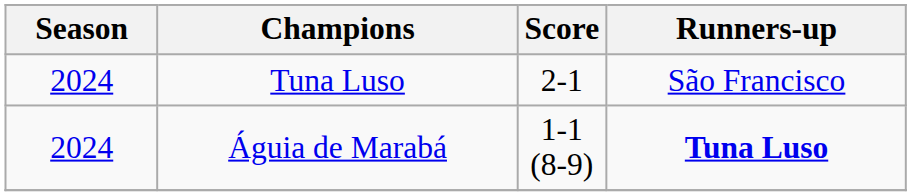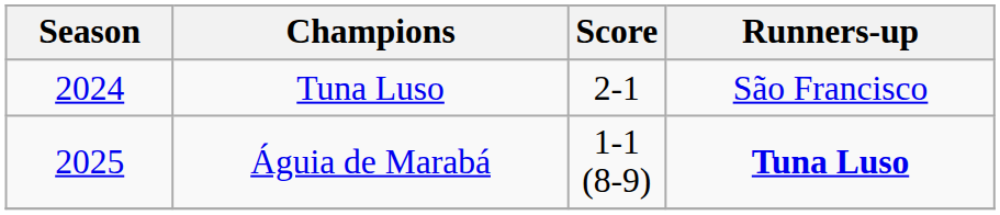 <table class="wikitable" style="text-align:center; margin-left:1em;">
 <tr>
 <th style="width:70px">Season</th>
 <th style="width:175px">Champions</th>
 <th style="widht:70px">Score</th>
 <th style="width:145px">Runners-up</th>
 </tr>
 <tr>
 <td><a href='#'>2024</a></td>
 <td><a href='#'>Tuna Luso</a></td>
 <td>2-1</td>
 <td><a href='#'>São Francisco</a></td>
 </tr>
 <tr>
-<td><a href='#'>2024</a></td>
+<td><a href='#'>2025</a></td>
 <td><a href='#'>Águia de Marabá</a></td>
 <td>1-1<br>(8-9)</td>
 <td><strong><a href='#'>Tuna Luso</a></strong></td>
 </tr>
 <tr>
 </tr>
 </table>
